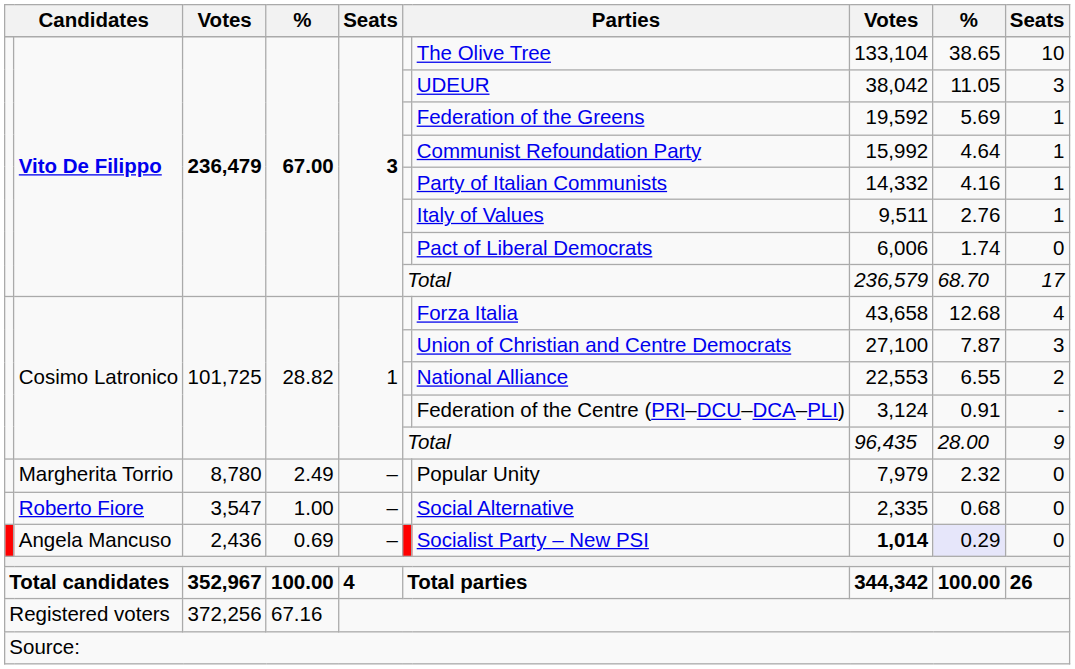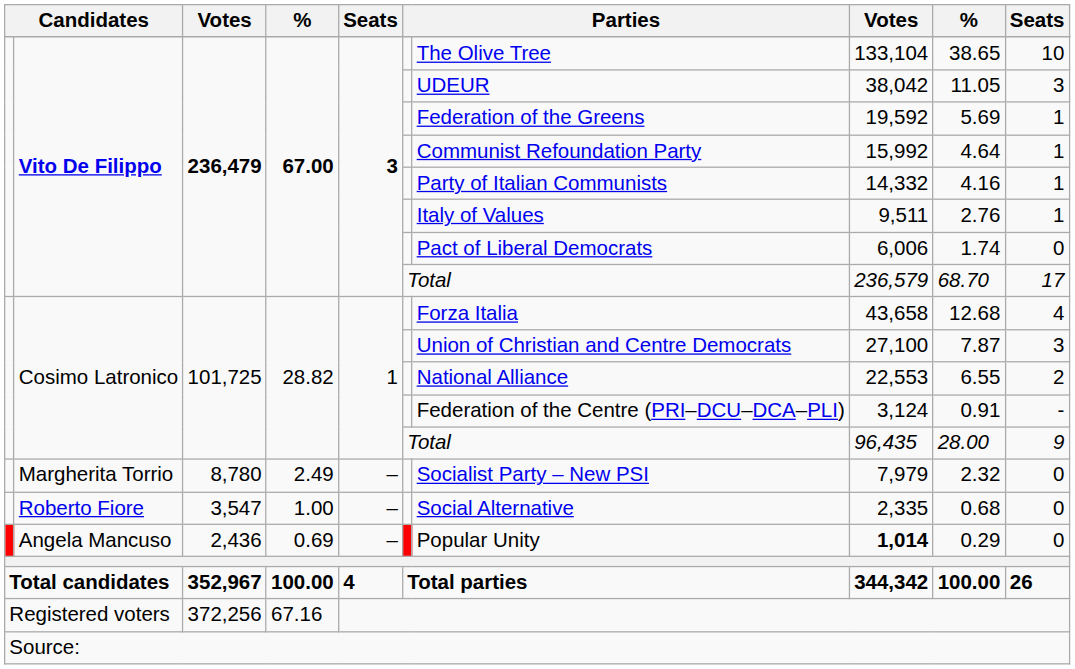 <table class="wikitable">
 <tr>
 <th colspan="2">Candidates</th>
 <th>Votes</th>
 <th>%</th>
 <th>Seats</th>
 <th colspan="2">Parties</th>
 <th>Votes</th>
 <th>%</th>
 <th>Seats</th>
 </tr>
 <tr>
 </tr>
 <tr>
 <td rowspan="8"></td>
 <td rowspan="8"><strong><a href='#'>Vito De Filippo</a></strong></td>
 <td rowspan="8" align=right><strong>236,479</strong></td>
 <td rowspan="8" align=right><strong>67.00</strong></td>
 <td rowspan="8" align=right><strong>3</strong></td>
 <td></td>
 <td><a href='#'>The Olive Tree</a></td>
 <td align=right>133,104</td>
 <td align=right>38.65</td>
 <td align=right>10</td>
 </tr>
 <tr>
 <td></td>
 <td><a href='#'>UDEUR</a></td>
 <td align=right>38,042</td>
 <td align=right>11.05</td>
 <td align=right>3</td>
 </tr>
 <tr>
 <td></td>
 <td><a href='#'>Federation of the Greens</a></td>
 <td align=right>19,592</td>
 <td align=right>5.69</td>
 <td align=right>1</td>
 </tr>
 <tr>
 <td></td>
 <td><a href='#'>Communist Refoundation Party</a></td>
 <td align=right>15,992</td>
 <td align=right>4.64</td>
 <td align=right>1</td>
 </tr>
 <tr>
 <td></td>
 <td><a href='#'>Party of Italian Communists</a></td>
 <td align=right>14,332</td>
 <td align=right>4.16</td>
 <td align=right>1</td>
 </tr>
 <tr>
 <td></td>
 <td><a href='#'>Italy of Values</a></td>
 <td align=right>9,511</td>
 <td align=right>2.76</td>
 <td align=right>1</td>
 </tr>
 <tr>
 <td></td>
 <td><a href='#'>Pact of Liberal Democrats</a></td>
 <td align=right>6,006</td>
 <td align=right>1.74</td>
 <td align=right>0</td>
 </tr>
 <tr>
 <td colspan="2" align="left"><em>Total</em></td>
 <td><em>236,579</em></td>
 <td><em>68.70</em></td>
 <td align=right><em>17</em></td>
 </tr>
 <tr>
 <td rowspan="5"></td>
 <td rowspan="5">Cosimo Latronico</td>
 <td rowspan="5" align=right>101,725</td>
 <td rowspan="5" align=right>28.82</td>
 <td rowspan="5" align=right>1</td>
 <td></td>
 <td><a href='#'>Forza Italia</a></td>
 <td align=right>43,658</td>
 <td align=right>12.68</td>
 <td align=right>4</td>
 </tr>
 <tr>
 <td></td>
 <td><a href='#'>Union of Christian and Centre Democrats</a></td>
 <td align=right>27,100</td>
 <td align=right>7.87</td>
 <td align=right>3</td>
 </tr>
 <tr>
 <td></td>
 <td><a href='#'>National Alliance</a></td>
 <td align=right>22,553</td>
 <td align=right>6.55</td>
 <td align=right>2</td>
 </tr>
 <tr>
 <td></td>
 <td>Federation of the Centre (<a href='#'>PRI</a>–<a href='#'>DCU</a>–<a href='#'>DCA</a>–<a href='#'>PLI</a>)</td>
 <td align=right>3,124</td>
 <td align=right>0.91</td>
 <td align=right>-</td>
 </tr>
 <tr>
 <td colspan="2" align="left"><em>Total</em></td>
 <td><em>96,435</em></td>
 <td><em>28.00</em></td>
 <td align=right><em>9</em></td>
 </tr>
 <tr>
 <td></td>
 <td>Margherita Torrio</td>
 <td align=right>8,780</td>
 <td align=right>2.49</td>
 <td align=right>–</td>
 <td></td>
-<td>Popular Unity</td>
+<td><a href='#'>Socialist Party – New PSI</a></td>
 <td align=right>7,979</td>
 <td align=right>2.32</td>
 <td align=right>0</td>
 </tr>
 <tr>
 <td></td>
 <td><a href='#'>Roberto Fiore</a></td>
 <td align=right>3,547</td>
 <td align=right>1.00</td>
 <td align=right>–</td>
 <td></td>
 <td><a href='#'>Social Alternative</a></td>
 <td align=right>2,335</td>
 <td align=right>0.68</td>
 <td align=right>0</td>
 </tr>
 <tr>
 <td bgcolor="red"></td>
 <td>Angela Mancuso</td>
 <td align=right>2,436</td>
 <td align=right>0.69</td>
 <td align=right>–</td>
 <td bgcolor="red"></td>
-<td><a href='#'>Socialist Party – New PSI</a></td>
+<td>Popular Unity</td>
 <td align=right><strong>1,014</strong></td>
-<td align=right style="background: lavender;">0.29</td>
+<td align=right>0.29</td>
 <td align=right>0</td>
 </tr>
 <tr>
 <th colspan="10"></th>
 </tr>
 <tr>
 <td colspan="2" align="left"><strong>Total candidates</strong></td>
 <td><strong>352,967</strong></td>
 <td><strong>100.00</strong></td>
 <td><strong>4</strong></td>
 <td colspan="2" align="left"><strong>Total parties</strong></td>
 <td><strong>344,342</strong></td>
 <td><strong>100.00</strong></td>
 <td><strong>26</strong></td>
 </tr>
 <tr>
 <td colspan="2" align="left">Registered voters</td>
 <td>372,256</td>
 <td>67.16</td>
 <td colspan="6"></td>
 </tr>
 <tr>
 <td colspan="11" align="left">Source: </td>
 </tr>
 </table>
